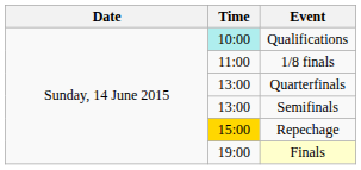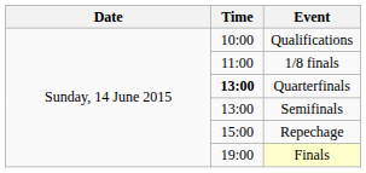 <table class = "wikitable" style="text-align:center;">
 <tr>
 <th width=220>Date</th>
 <th width=50>Time</th>
 <th width=100>Event</th>
 </tr>
 <tr>
 <td rowspan=6>Sunday, 14 June 2015</td>
-<td style="background: paleturquoise;">10:00</td>
+<td>10:00</td>
 <td>Qualifications</td>
 </tr>
 <tr>
 <td>11:00</td>
 <td>1/8 finals</td>
 </tr>
 <tr>
-<td>13:00</td>
+<td><strong>13:00</strong></td>
 <td>Quarterfinals</td>
 </tr>
 <tr>
 <td>13:00</td>
 <td>Semifinals</td>
 </tr>
 <tr>
-<td style="background: gold;">15:00</td>
+<td>15:00</td>
 <td>Repechage</td>
 </tr>
 <tr>
 <td>19:00</td>
 <td bgcolor=ffffcc>Finals</td>
 </tr>
 </table>
